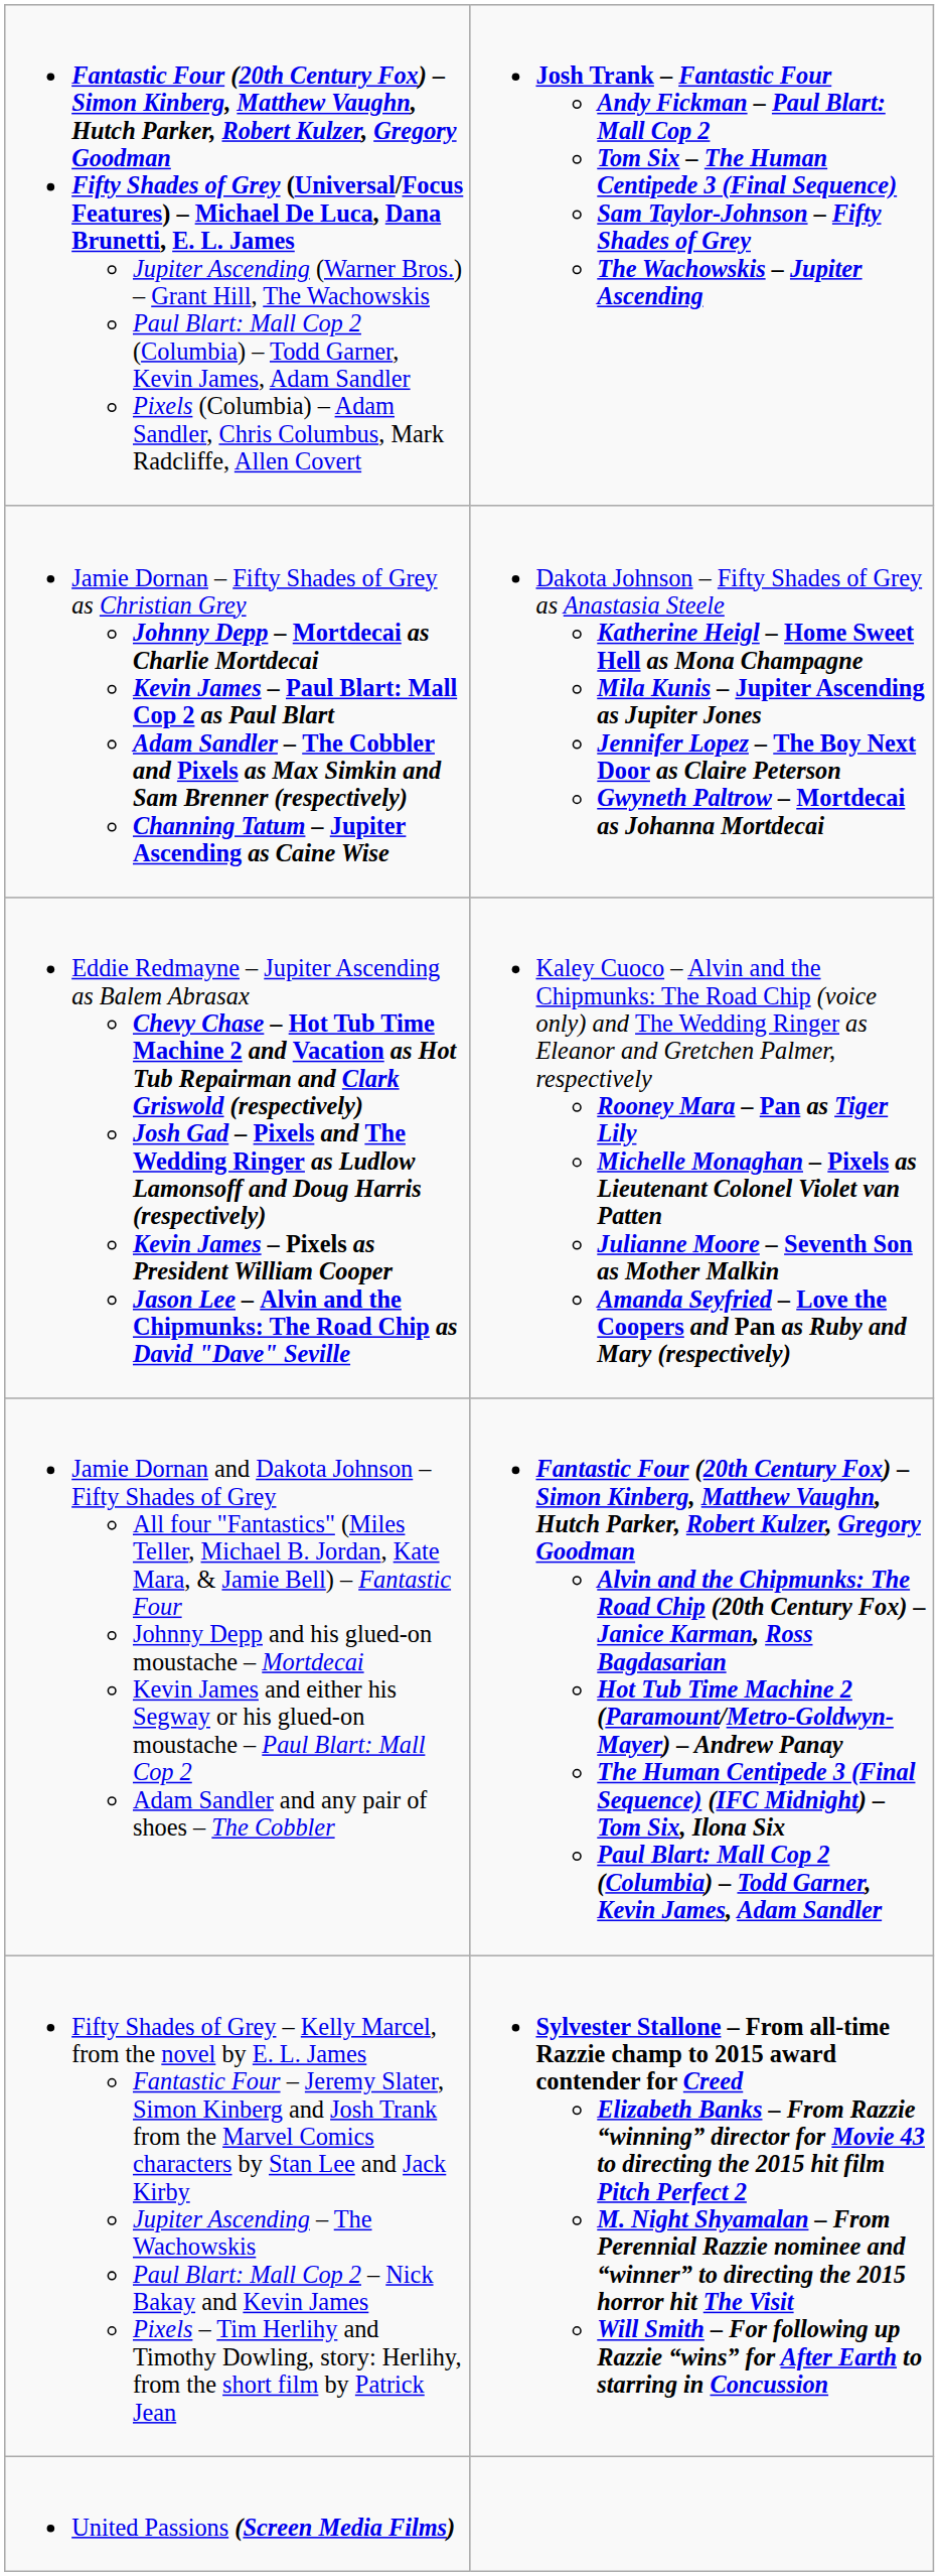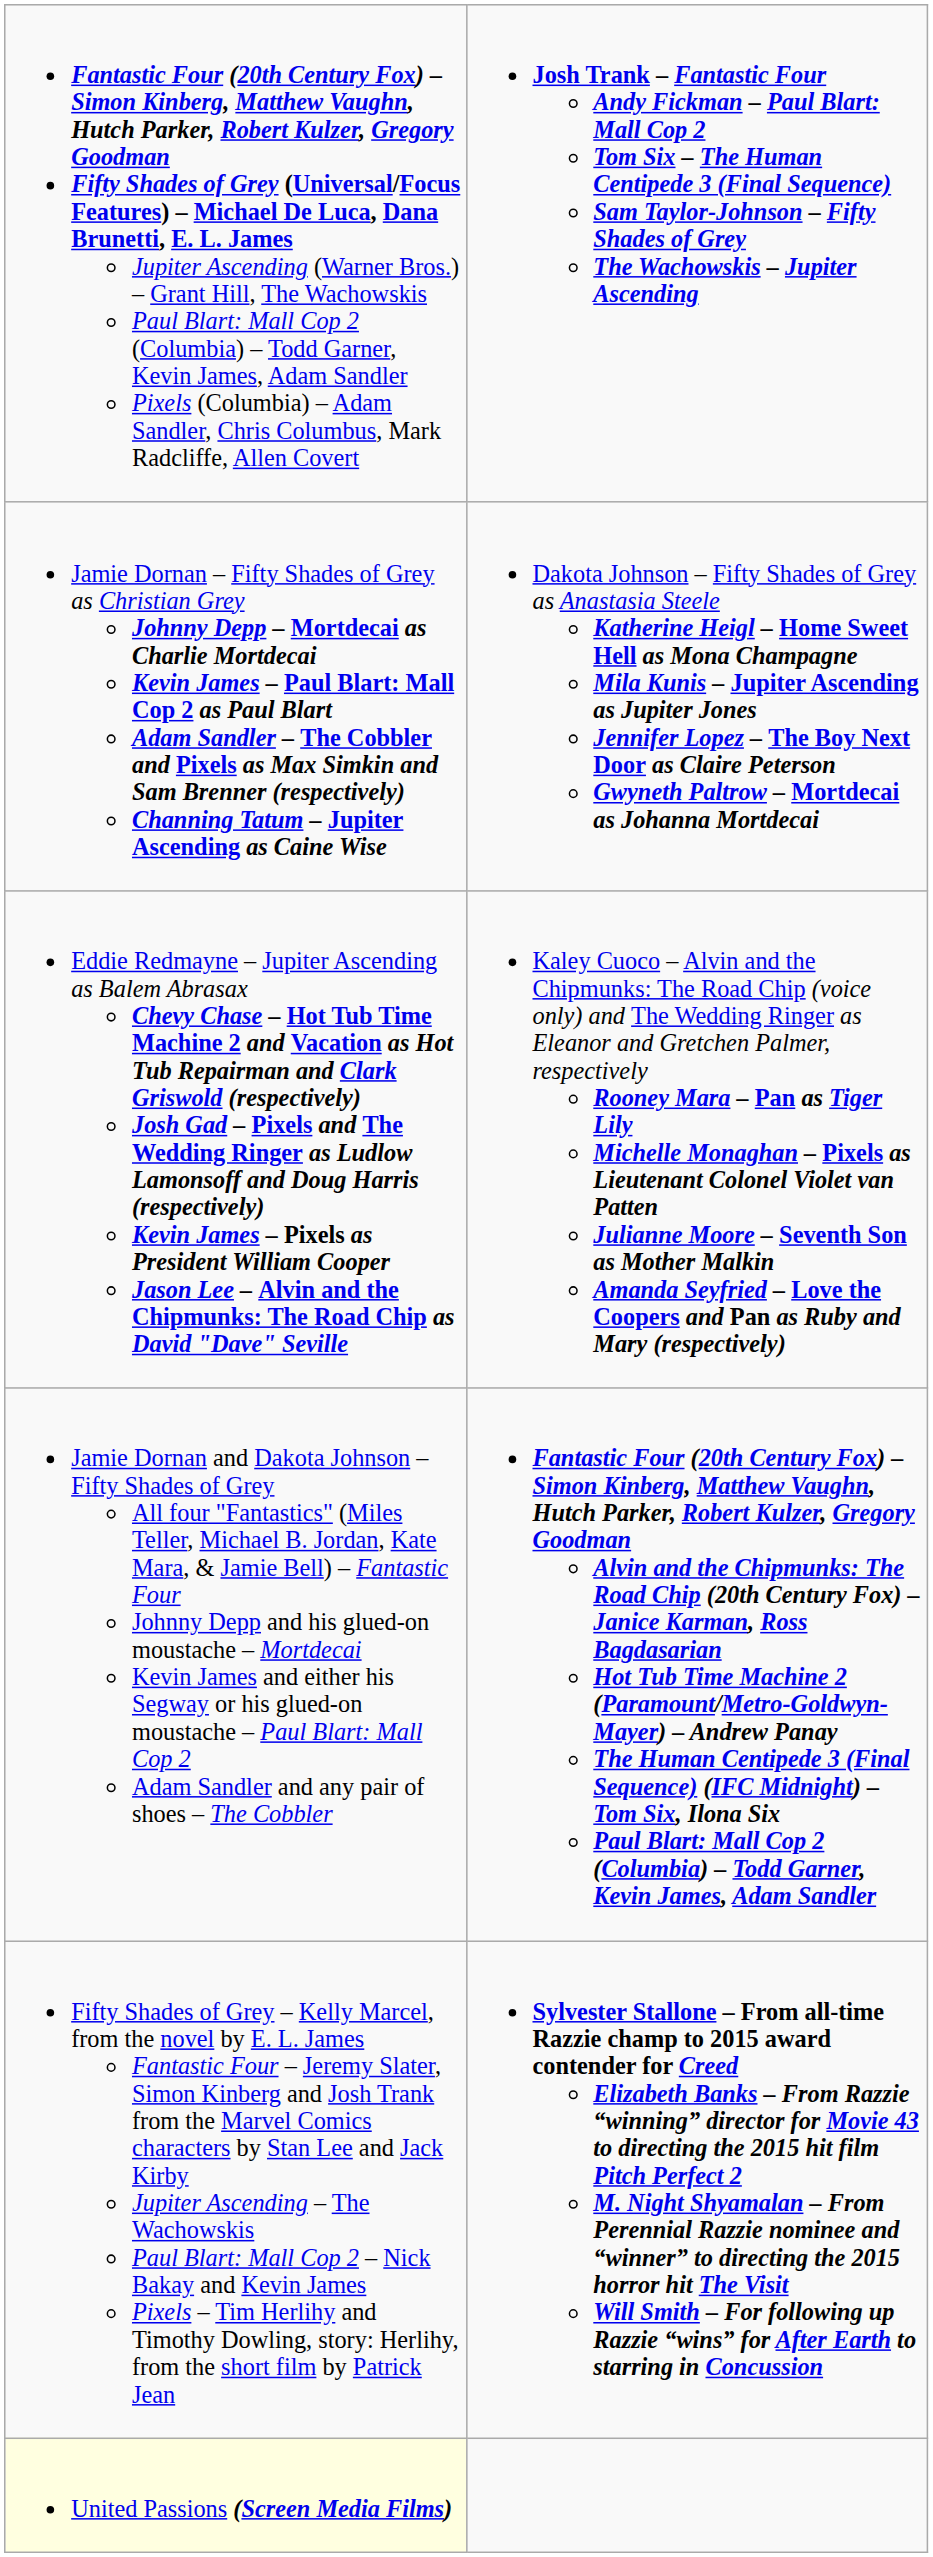 <table class=wikitable>
 <tr>
 <td valign="top" width="50%"><br><ul><li><strong><em><a href='#'>Fantastic Four</a><em> (<a href='#'>20th Century Fox</a>) – <a href='#'>Simon Kinberg</a>, <a href='#'>Matthew Vaughn</a>, Hutch Parker, <a href='#'>Robert Kulzer</a>, <a href='#'>Gregory Goodman</a><strong></li><li></em></strong><a href='#'>Fifty Shades of Grey</a></em> (<a href='#'>Universal</a>/<a href='#'>Focus Features</a>) – <a href='#'>Michael De Luca</a>, <a href='#'>Dana Brunetti</a>, <a href='#'>E. L. James</a></strong><ul><li><em><a href='#'>Jupiter Ascending</a></em> (<a href='#'>Warner Bros.</a>) – <a href='#'>Grant Hill</a>, <a href='#'>The Wachowskis</a></li><li><em><a href='#'>Paul Blart: Mall Cop 2</a></em> (<a href='#'>Columbia</a>) – <a href='#'>Todd Garner</a>, <a href='#'>Kevin James</a>, <a href='#'>Adam Sandler</a></li><li><em><a href='#'>Pixels</a></em> (Columbia) – <a href='#'>Adam Sandler</a>, <a href='#'>Chris Columbus</a>, Mark Radcliffe, <a href='#'>Allen Covert</a></li></ul></li></ul></td>
 <td valign="top" width="50%"><br><ul><li><strong><a href='#'>Josh Trank</a> – <em><a href='#'>Fantastic Four</a><strong><em><ul><li><a href='#'>Andy Fickman</a> – </em><a href='#'>Paul Blart: Mall Cop 2</a><em></li><li><a href='#'>Tom Six</a> – </em><a href='#'>The Human Centipede 3 (Final Sequence)</a><em></li><li><a href='#'>Sam Taylor-Johnson</a> – </em><a href='#'>Fifty Shades of Grey</a><em></li><li><a href='#'>The Wachowskis</a> – </em><a href='#'>Jupiter Ascending</a><em></li></ul></li></ul></td>
 </tr>
 <tr>
 <td valign="top" width="50%"><br><ul><li></strong><a href='#'>Jamie Dornan</a> – </em><a href='#'>Fifty Shades of Grey</a><em> as <a href='#'>Christian Grey</a><strong><ul><li><a href='#'>Johnny Depp</a> – </em><a href='#'>Mortdecai</a><em> as Charlie Mortdecai</li><li><a href='#'>Kevin James</a> – </em><a href='#'>Paul Blart: Mall Cop 2</a><em> as Paul Blart</li><li><a href='#'>Adam Sandler</a> – </em><a href='#'>The Cobbler</a><em> and </em><a href='#'>Pixels</a><em> as Max Simkin and Sam Brenner (respectively)</li><li><a href='#'>Channing Tatum</a> – </em><a href='#'>Jupiter Ascending</a><em> as Caine Wise</li></ul></li></ul></td>
 <td valign="top" width="50%"><br><ul><li></strong><a href='#'>Dakota Johnson</a> – </em><a href='#'>Fifty Shades of Grey</a><em> as <a href='#'>Anastasia Steele</a><strong><ul><li><a href='#'>Katherine Heigl</a> – </em><a href='#'>Home Sweet Hell</a><em> as Mona Champagne</li><li><a href='#'>Mila Kunis</a> – </em><a href='#'>Jupiter Ascending</a><em> as Jupiter Jones</li><li><a href='#'>Jennifer Lopez</a> – </em><a href='#'>The Boy Next Door</a><em> as Claire Peterson</li><li><a href='#'>Gwyneth Paltrow</a> – </em><a href='#'>Mortdecai</a><em> as Johanna Mortdecai</li></ul></li></ul></td>
 </tr>
 <tr>
 <td valign="top" width="50%"><br><ul><li></strong><a href='#'>Eddie Redmayne</a> – </em><a href='#'>Jupiter Ascending</a><em> as Balem Abrasax<strong><ul><li><a href='#'>Chevy Chase</a> – </em><a href='#'>Hot Tub Time Machine 2</a><em> and </em><a href='#'>Vacation</a><em> as Hot Tub Repairman and <a href='#'>Clark Griswold</a> (respectively)</li><li><a href='#'>Josh Gad</a> – </em><a href='#'>Pixels</a><em> and </em><a href='#'>The Wedding Ringer</a><em> as Ludlow Lamonsoff and Doug Harris (respectively)</li><li><a href='#'>Kevin James</a> – </em>Pixels<em> as President William Cooper</li><li><a href='#'>Jason Lee</a> – </em><a href='#'>Alvin and the Chipmunks: The Road Chip</a><em> as <a href='#'>David "Dave" Seville</a></li></ul></li></ul></td>
 <td valign="top" width="50%"><br><ul><li></strong><a href='#'>Kaley Cuoco</a> – </em><a href='#'>Alvin and the Chipmunks: The Road Chip</a><em> (voice only) and </em><a href='#'>The Wedding Ringer</a><em> as Eleanor and Gretchen Palmer, respectively<strong><ul><li><a href='#'>Rooney Mara</a> – </em><a href='#'>Pan</a><em> as <a href='#'>Tiger Lily</a></li><li><a href='#'>Michelle Monaghan</a> – </em><a href='#'>Pixels</a><em> as Lieutenant Colonel Violet van Patten</li><li><a href='#'>Julianne Moore</a> – </em><a href='#'>Seventh Son</a><em> as Mother Malkin</li><li><a href='#'>Amanda Seyfried</a> – </em><a href='#'>Love the Coopers</a><em> and </em>Pan<em> as Ruby and Mary (respectively)</li></ul></li></ul></td>
 </tr>
 <tr>
 <td valign="top" width="50%"><br><ul><li></strong><a href='#'>Jamie Dornan</a> and <a href='#'>Dakota Johnson</a> – </em><a href='#'>Fifty Shades of Grey</a></em></strong><ul><li><a href='#'>All four "Fantastics"</a> (<a href='#'>Miles Teller</a>, <a href='#'>Michael B. Jordan</a>, <a href='#'>Kate Mara</a>, & <a href='#'>Jamie Bell</a>) – <em><a href='#'>Fantastic Four</a></em></li><li><a href='#'>Johnny Depp</a> and his glued-on moustache – <em><a href='#'>Mortdecai</a></em></li><li><a href='#'>Kevin James</a> and either his <a href='#'>Segway</a> or his glued-on moustache – <em><a href='#'>Paul Blart: Mall Cop 2</a></em></li><li><a href='#'>Adam Sandler</a> and any pair of shoes – <em><a href='#'>The Cobbler</a></em></li></ul></li></ul></td>
 <td valign="top" width="50%"><br><ul><li><strong><em><a href='#'>Fantastic Four</a><em> (<a href='#'>20th Century Fox</a>) – <a href='#'>Simon Kinberg</a>, <a href='#'>Matthew Vaughn</a>, Hutch Parker, <a href='#'>Robert Kulzer</a>, <a href='#'>Gregory Goodman</a><strong><ul><li></em><a href='#'>Alvin and the Chipmunks: The Road Chip</a><em> (20th Century Fox) – <a href='#'>Janice Karman</a>, <a href='#'>Ross Bagdasarian</a></li><li></em><a href='#'>Hot Tub Time Machine 2</a><em> (<a href='#'>Paramount</a>/<a href='#'>Metro-Goldwyn-Mayer</a>) – Andrew Panay</li><li></em><a href='#'>The Human Centipede 3 (Final Sequence)</a><em> (<a href='#'>IFC Midnight</a>) – <a href='#'>Tom Six</a>, Ilona Six</li><li></em><a href='#'>Paul Blart: Mall Cop 2</a><em> (<a href='#'>Columbia</a>) – <a href='#'>Todd Garner</a>, <a href='#'>Kevin James</a>, <a href='#'>Adam Sandler</a></li></ul></li></ul></td>
 </tr>
 <tr>
 <td valign="top" width="50%"><br><ul><li></em></strong><a href='#'>Fifty Shades of Grey</a></em> – <a href='#'>Kelly Marcel</a>, from the <a href='#'>novel</a> by <a href='#'>E. L. James</a></strong><ul><li><em><a href='#'>Fantastic Four</a></em> – <a href='#'>Jeremy Slater</a>, <a href='#'>Simon Kinberg</a> and <a href='#'>Josh Trank</a> from the <a href='#'>Marvel Comics</a> <a href='#'>characters</a> by <a href='#'>Stan Lee</a> and <a href='#'>Jack Kirby</a></li><li><em><a href='#'>Jupiter Ascending</a></em> – <a href='#'>The Wachowskis</a></li><li><em><a href='#'>Paul Blart: Mall Cop 2</a></em> – <a href='#'>Nick Bakay</a> and <a href='#'>Kevin James</a></li><li><em><a href='#'>Pixels</a></em> – <a href='#'>Tim Herlihy</a> and Timothy Dowling, story: Herlihy, from the <a href='#'>short film</a> by <a href='#'>Patrick Jean</a></li></ul></li></ul></td>
 <td valign="top" width="50%"><br><ul><li><strong><a href='#'>Sylvester Stallone</a> – From all-time Razzie champ to 2015 award contender for <em><a href='#'>Creed</a><strong><em><ul><li><a href='#'>Elizabeth Banks</a> – From Razzie “winning” director for </em><a href='#'>Movie 43</a><em> to directing the 2015 hit film </em><a href='#'>Pitch Perfect 2</a><em></li><li><a href='#'>M. Night Shyamalan</a> – From Perennial Razzie nominee and “winner” to directing the 2015 horror hit </em><a href='#'>The Visit</a><em></li><li><a href='#'>Will Smith</a> – For following up Razzie “wins” for </em><a href='#'>After Earth</a><em> to starring in </em><a href='#'>Concussion</a><em></li></ul></li></ul></td>
 </tr>
 <tr>
-<td valign="top" width="50%"><br><ul><li></em></strong><a href='#'>United Passions</a><strong><em> (<a href='#'>Screen Media Films</a>)</li></ul></td>
+<td valign="top" width="50%" style="background: lightyellow;"><br><ul><li></em></strong><a href='#'>United Passions</a><strong><em> (<a href='#'>Screen Media Films</a>)</li></ul></td>
 </tr>
 </table>
